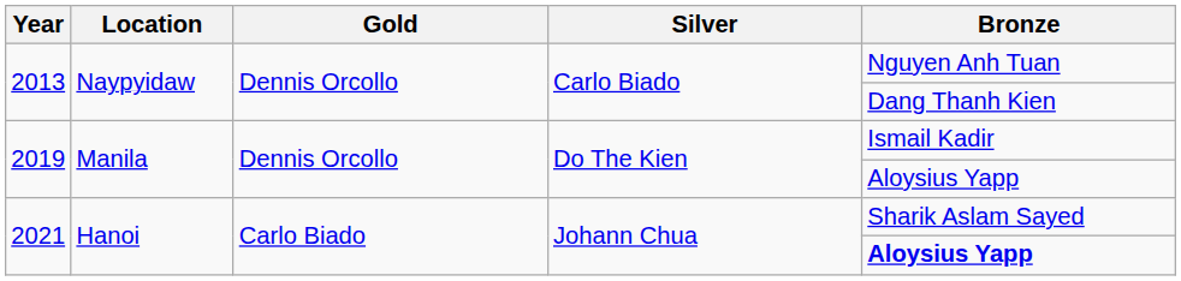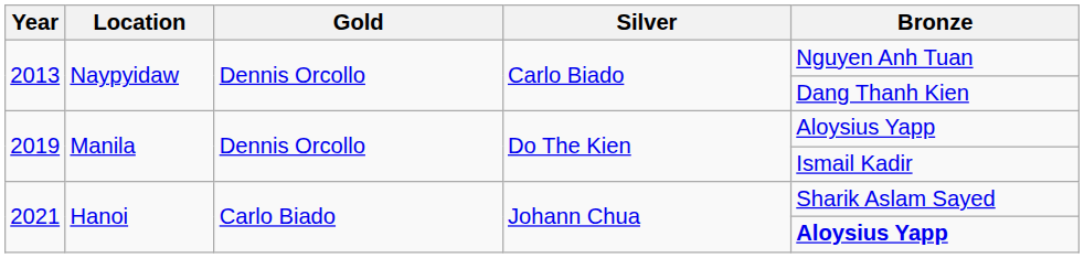 <table class="wikitable">
 <tr>
 <th>Year</th>
 <th width="100">Location</th>
 <th width="200">Gold</th>
 <th width="200">Silver</th>
 <th width="200">Bronze</th>
 </tr>
 <tr>
 <td rowspan=2><a href='#'>2013</a></td>
 <td rowspan=2> <a href='#'>Naypyidaw</a></td>
 <td rowspan=2> <a href='#'>Dennis Orcollo</a></td>
 <td rowspan=2> <a href='#'>Carlo Biado</a></td>
 <td> <a href='#'>Nguyen Anh Tuan</a></td>
 </tr>
 <tr>
 <td> <a href='#'>Dang Thanh Kien</a></td>
 </tr>
 <tr>
 <td rowspan=2><a href='#'>2019</a></td>
 <td rowspan=2> <a href='#'>Manila</a></td>
 <td rowspan=2> <a href='#'>Dennis Orcollo</a></td>
 <td rowspan=2> <a href='#'>Do The Kien</a></td>
-<td> <a href='#'>Ismail Kadir</a></td>
+<td> <a href='#'>Aloysius Yapp</a></td>
 </tr>
 <tr>
-<td> <a href='#'>Aloysius Yapp</a></td>
+<td> <a href='#'>Ismail Kadir</a></td>
 </tr>
 <tr>
 <td rowspan=2><a href='#'>2021</a></td>
 <td rowspan=2> <a href='#'>Hanoi</a></td>
 <td rowspan=2> <a href='#'>Carlo Biado</a></td>
 <td rowspan=2> <a href='#'>Johann Chua</a></td>
 <td> <a href='#'>Sharik Aslam Sayed</a></td>
 </tr>
 <tr>
 <td><strong> <a href='#'>Aloysius Yapp</a></strong></td>
 </tr>
 </table>
